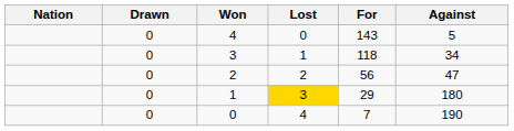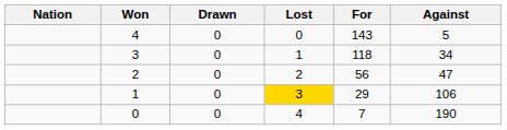 <table class="wikitable" border="1" style="text-align: center; width:50%">
 <tr>
 <th>Nation</th>
+<th>Won</th>
 <th>Drawn</th>
-<th>Won</th>
 <th>Lost</th>
 <th>For</th>
 <th>Against</th>
 </tr>
 <tr>
 <td align="left"></td>
+<td>4</td>
 <td>0</td>
-<td>4</td>
 <td>0</td>
 <td>143</td>
 <td>5</td>
 </tr>
 <tr>
 <td align="left"></td>
+<td>3</td>
 <td>0</td>
-<td>3</td>
 <td>1</td>
 <td>118</td>
 <td>34</td>
 </tr>
 <tr>
 <td align="left"></td>
+<td>2</td>
 <td>0</td>
-<td>2</td>
 <td>2</td>
 <td>56</td>
 <td>47</td>
 </tr>
 <tr>
 <td align="left"></td>
+<td>1</td>
 <td>0</td>
-<td>1</td>
 <td style="background: gold;">3</td>
 <td>29</td>
-<td>180</td>
+<td>106</td>
 </tr>
 <tr>
 <td align="left"></td>
 <td>0</td>
 <td>0</td>
 <td>4</td>
 <td>7</td>
 <td>190</td>
 </tr>
 </table>
